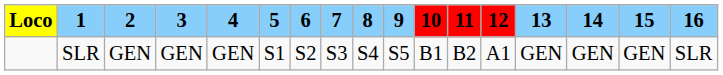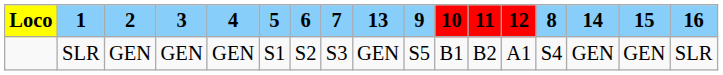 <table class="wikitable plainrowheaders unsortable" style="text-align:center">
 <tr>
 <th scope="col" rowspan="1" style="background:Yellow;">Loco</th>
 <th scope="col" rowspan="1" style="background:lightskyblue;">1</th>
 <th scope="col" rowspan="1" style="background:lightskyblue;">2</th>
 <th scope="col" rowspan="1" style="background:lightskyblue;">3</th>
 <th scope="col" rowspan="1" style="background:lightskyblue;">4</th>
 <th scope="col" rowspan="1" style="background:lightskyblue;">5</th>
 <th scope="col" rowspan="1" style="background:lightskyblue;">6</th>
 <th scope="col" rowspan="1" style="background:lightskyblue;">7</th>
-<th scope="col" rowspan="1" style="background:lightskyblue;">8</th>
+<th scope="col" rowspan="1" style="background:lightskyblue;">13</th>
 <th scope="col" rowspan="1" style="background:lightskyblue;">9</th>
 <th scope="col" rowspan="1" style="background:Red;">10</th>
 <th scope="col" rowspan="1" style="background:Red;">11</th>
 <th scope="col" rowspan="1" style="background:Red;">12</th>
-<th scope="col" rowspan="1" style="background:lightskyblue;">13</th>
+<th scope="col" rowspan="1" style="background:lightskyblue;">8</th>
 <th scope="col" rowspan="1" style="background:lightskyblue;">14</th>
 <th scope="col" rowspan="1" style="background:lightskyblue;">15</th>
 <th scope="col" rowspan="1" style="background:lightskyblue;">16</th>
 </tr>
 <tr>
 <td></td>
 <td>SLR</td>
 <td>GEN</td>
 <td>GEN</td>
 <td>GEN</td>
 <td>S1</td>
 <td>S2</td>
 <td>S3</td>
-<td>S4</td>
+<td>GEN</td>
 <td>S5</td>
 <td>B1</td>
 <td>B2</td>
 <td>A1</td>
-<td>GEN</td>
+<td>S4</td>
 <td>GEN</td>
 <td>GEN</td>
 <td>SLR</td>
 </tr>
 </table>
